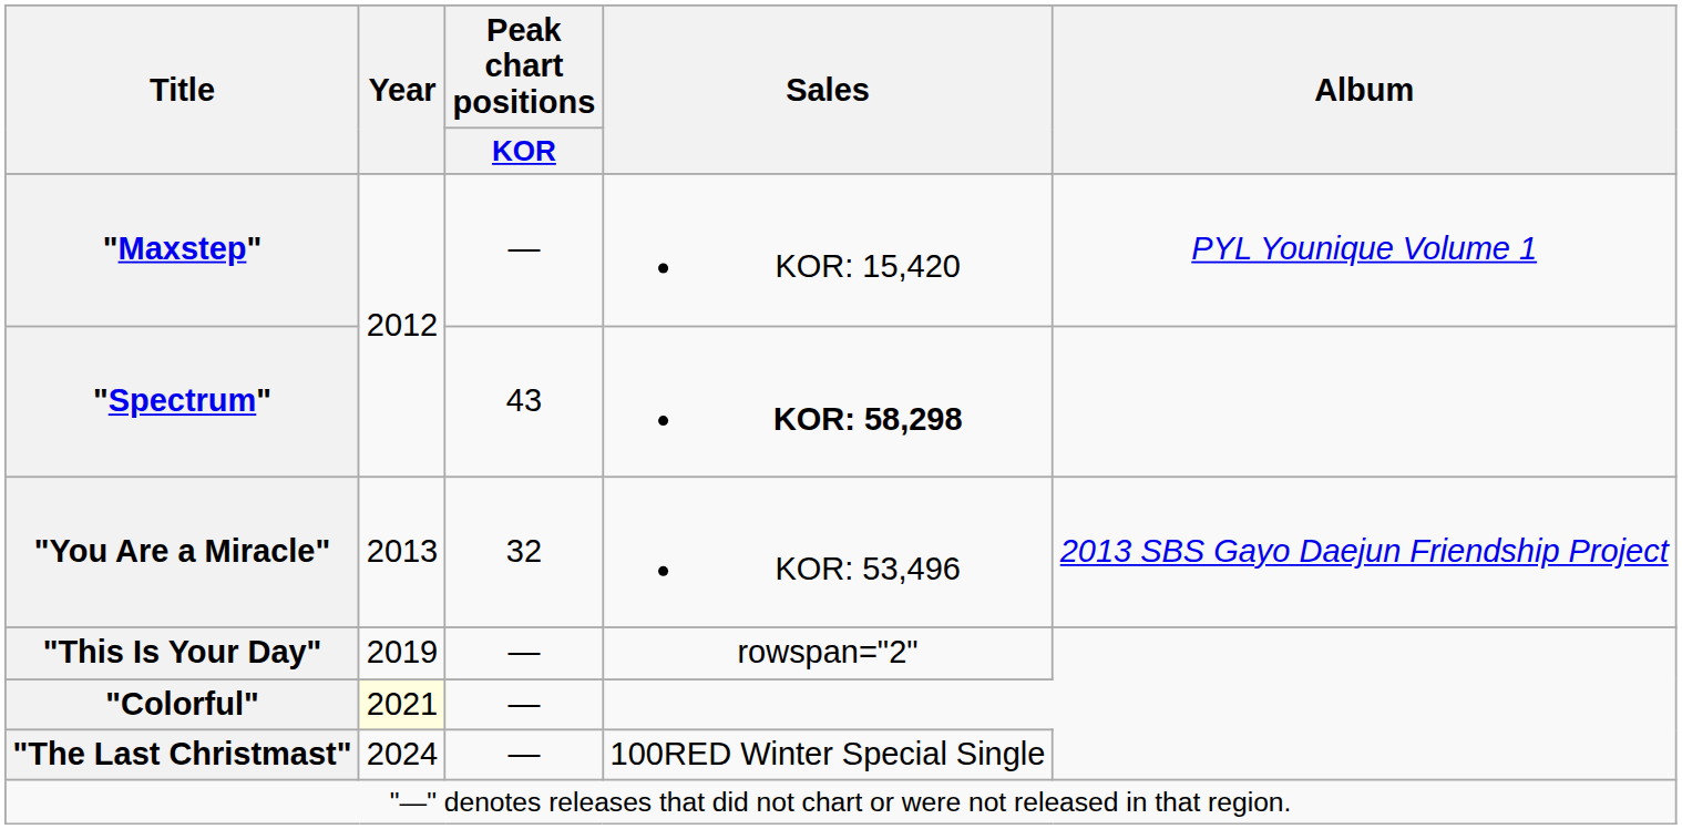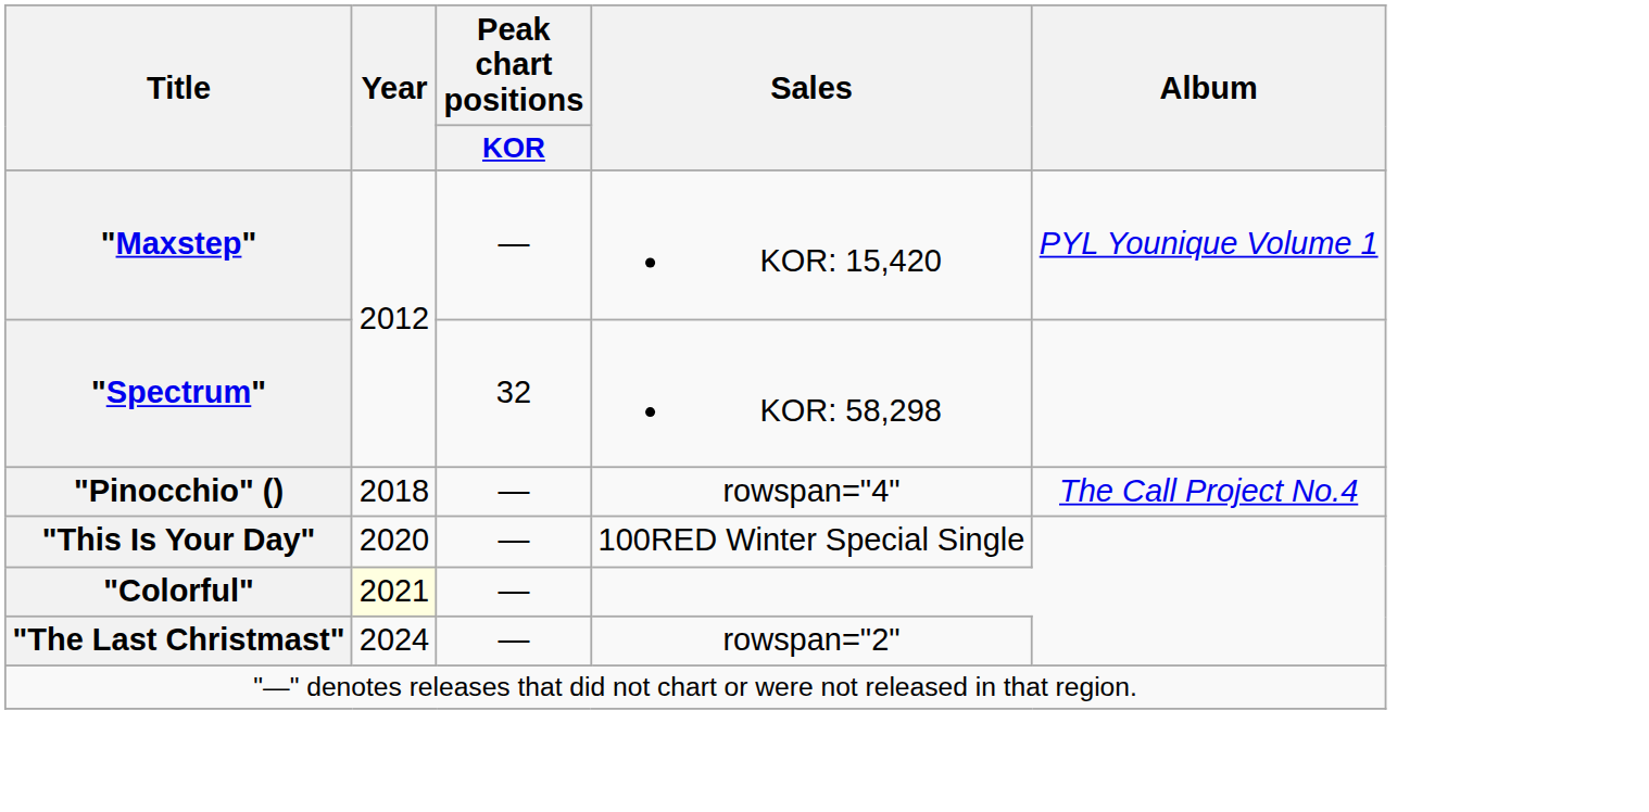 <table class="wikitable plainrowheaders" style="text-align:center;">
 <tr>
 <th scope="col" rowspan="2">Title</th>
 <th scope="col" rowspan="2">Year</th>
 <th scope="col">Peak chart positions</th>
 <th scope="col" rowspan="2">Sales</th>
 <th scope="col" rowspan="2">Album</th>
 </tr>
 <tr>
 <th scope="col" style="width:3em;font-size:90%;"><a href='#'>KOR</a><br></th>
 </tr>
 <tr>
 <th scope="row">"<a href='#'>Maxstep</a>"<br></th>
 <td rowspan="2">2012</td>
 <td>—</td>
 <td><br><ul><li>KOR: 15,420</li></ul></td>
 <td><em><a href='#'>PYL Younique Volume 1</a></em></td>
 </tr>
 <tr>
 <th scope="row">"<a href='#'>Spectrum</a>"<br></th>
-<td>43</td>
-<td><strong><br><ul><li>KOR: 58,298</li></ul></strong></td>
+<td>32</td>
+<td><br><ul><li>KOR: 58,298</li></ul></td>
 <td></td>
 </tr>
 <tr>
-<th scope=row>"You Are a Miracle"<br></th>
-<td>2013</td>
-<td>32</td>
-<td><br><ul><li>KOR: 53,496</li></ul></td>
-<td><em><a href='#'>2013 SBS Gayo Daejun Friendship Project</a></em></td>
+<th scope="row">"Pinocchio" ()<br></th>
+<td>2018</td>
+<td>—</td>
+<td>rowspan="4" </td>
+<td><em><a href='#'>The Call Project No.4</a></em></td>
 </tr>
 <tr>
 <th scope="row">"This Is Your Day" <br></th>
-<td>2019</td>
+<td>2020</td>
 <td>—</td>
-<td>rowspan="2" </td>
+<td>100RED Winter Special Single</td>
 </tr>
 <tr>
 <th scope="row">"Colorful"<br></th>
 <td style="background: lightyellow;">2021</td>
 <td>—</td>
 </tr>
 <tr>
 <th scope="row">"The Last Christmast"<br></th>
 <td>2024</td>
 <td>—</td>
-<td>100RED Winter Special Single</td>
+<td>rowspan="2" </td>
 </tr>
 <tr>
 <td colspan="5" style="text-align:center; font-size:85%">"—" denotes releases that did not chart or were not released in that region.</td>
 </tr>
 </table>
